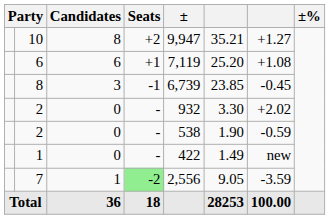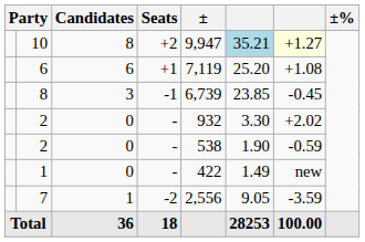 <table class=wikitable>
 <tr>
 <th colspan=2 align=center>Party</th>
 <th>Candidates</th>
 <th>Seats</th>
 <th>±</th>
 <th></th>
 <th></th>
 <th>±%</th>
 </tr>
 <tr>
 <td></td>
 <td align=right>10</td>
 <td align=right>8</td>
 <td align=right>+2</td>
 <td align=right>9,947</td>
-<td align=right>35.21</td>
-<td align=right>+1.27</td>
+<td align=right style="background: lightblue;">35.21</td>
+<td align=right style="background: lightyellow;">+1.27</td>
 </tr>
 <tr>
 <td></td>
 <td align=right>6</td>
 <td align=right>6</td>
 <td align=right>+1</td>
 <td align=right>7,119</td>
 <td align=right>25.20</td>
 <td align=right>+1.08</td>
 </tr>
 <tr>
 <td></td>
 <td align=right>8</td>
 <td align=right>3</td>
 <td align=right>-1</td>
 <td align=right>6,739</td>
 <td align=right>23.85</td>
 <td align=right>-0.45</td>
 </tr>
 <tr>
 <td></td>
 <td align=right>2</td>
 <td align=right>0</td>
 <td align=right>-</td>
 <td align=right>932</td>
 <td align=right>3.30</td>
 <td align=right>+2.02</td>
 </tr>
 <tr>
 <td></td>
 <td align=right>2</td>
 <td align=right>0</td>
 <td align=right>-</td>
 <td align=right>538</td>
 <td align=right>1.90</td>
 <td align=right>-0.59</td>
 </tr>
 <tr>
 <td></td>
 <td align=right>1</td>
 <td align=right>0</td>
 <td align=right>-</td>
 <td align=right>422</td>
 <td align=right>1.49</td>
 <td align=right>new</td>
 </tr>
 <tr>
 <td></td>
 <td align=right>7</td>
 <td align=right>1</td>
-<td align=right style="background: lightgreen;">-2</td>
+<td align=right>-2</td>
 <td align=right>2,556</td>
 <td align=right>9.05</td>
 <td align=right>-3.59</td>
 </tr>
 <tr style="font-weight:bold; background:rgb(232,232,232);">
 <td colspan=2 align=center>Total</td>
 <td align=right>36</td>
 <td align=right>18</td>
 <td align=center></td>
 <td align=right>28253</td>
 <td align=center>100.00</td>
 <td align=center></td>
 </tr>
 </table>
